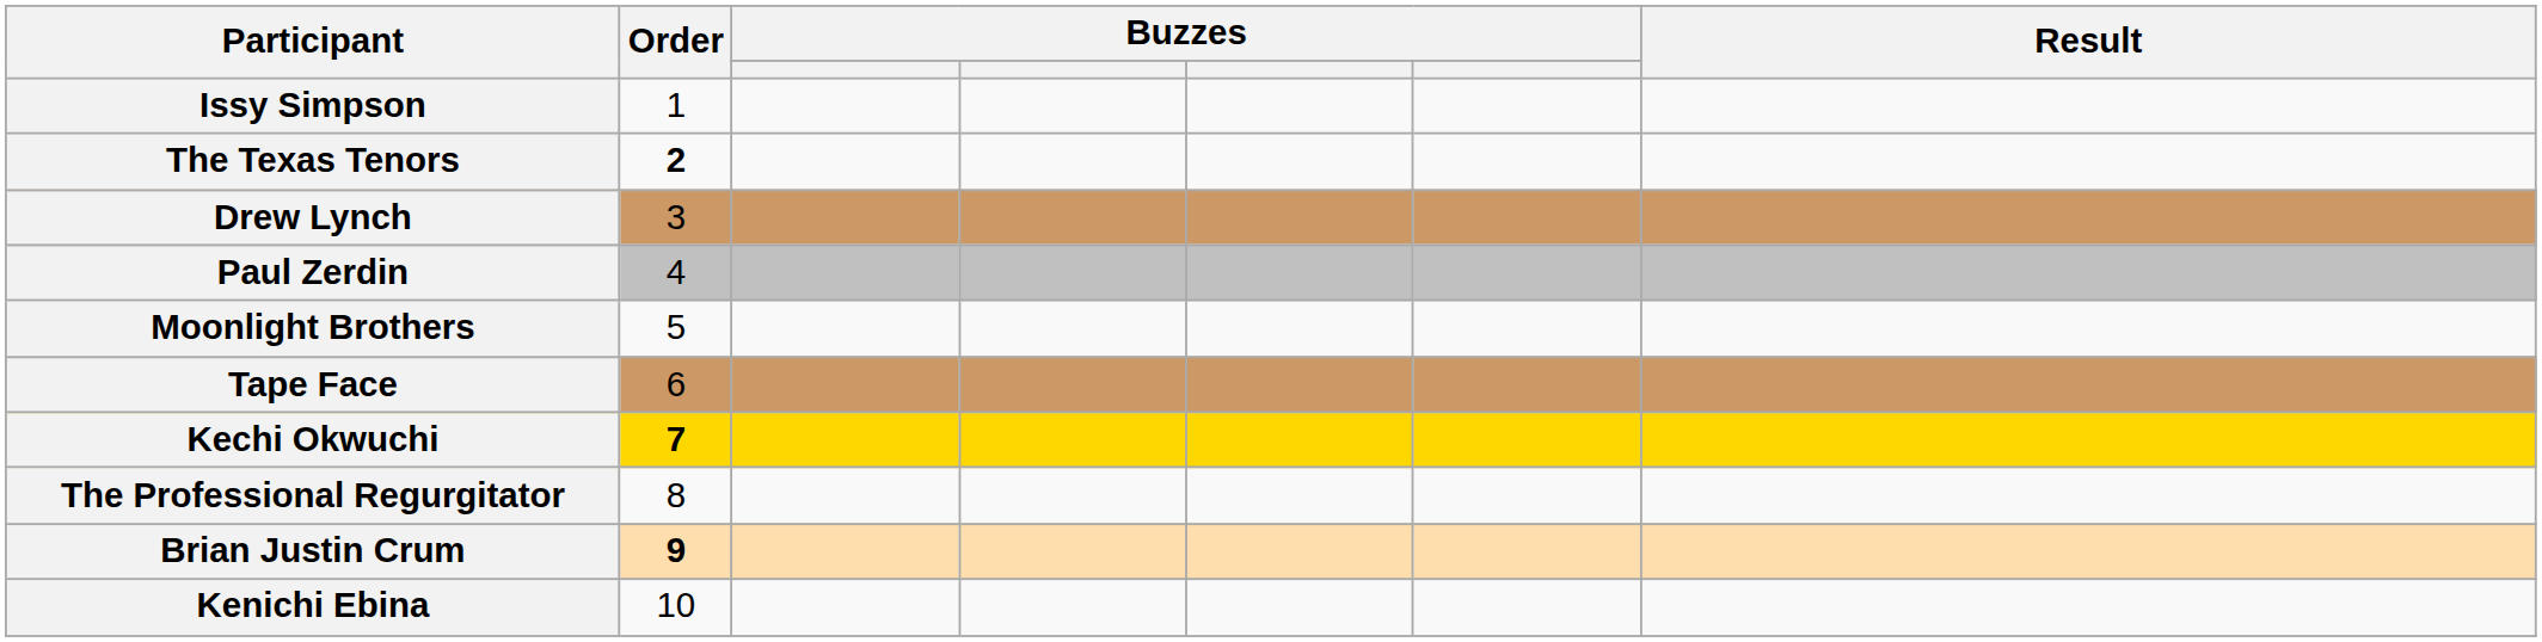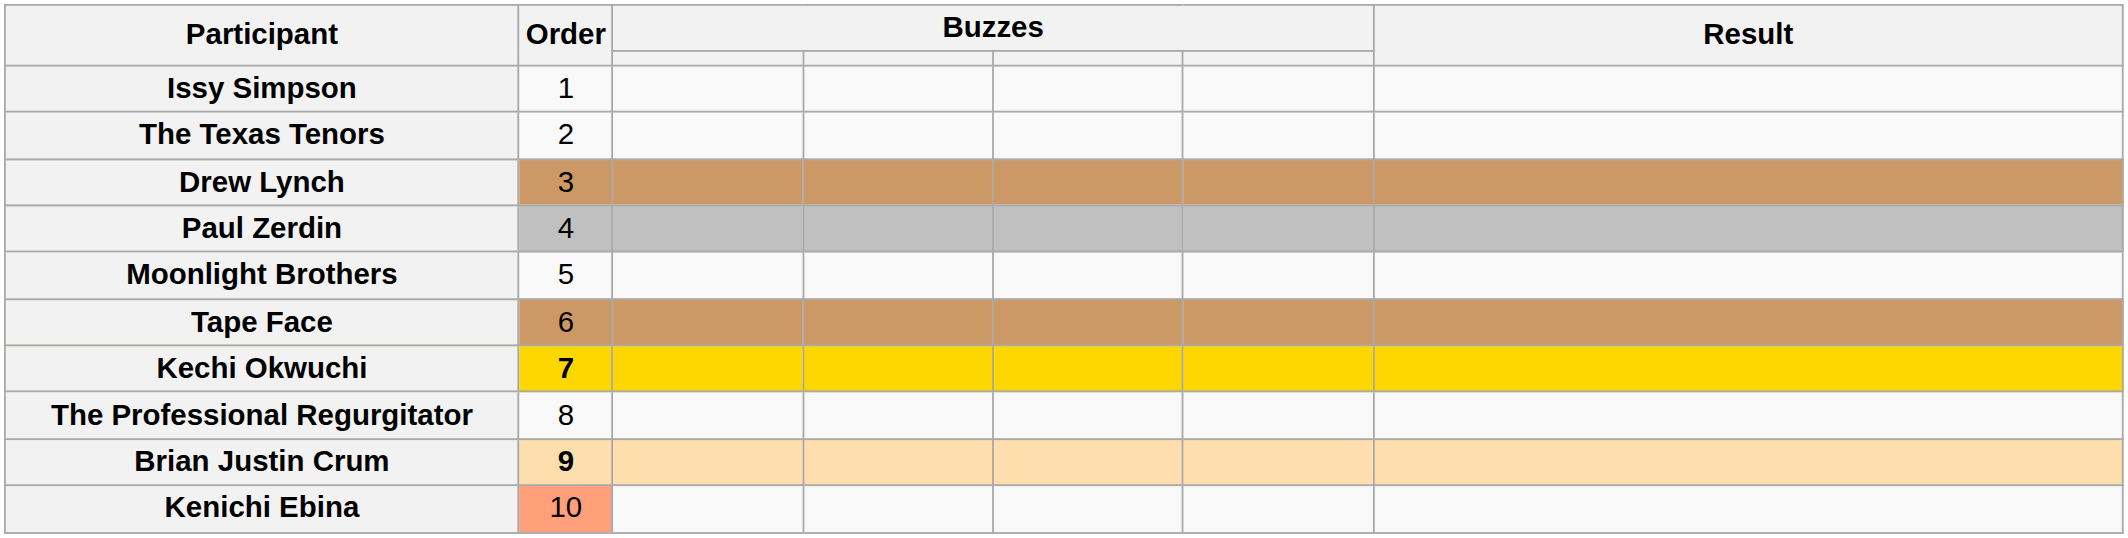 <table class="wikitable plainrowheaders sortable" style="text-align:center;">
 <tr>
 <th scope="col" rowspan="2" class="unsortable" style="width:17em;">Participant</th>
 <th scope="col" rowspan="2" style="width:1em;">Order</th>
 <th scope="col" colspan="4" class="unsortable" style="width:24em;">Buzzes</th>
 <th scope="col" rowspan="2" style="width:25em;">Result</th>
 </tr>
 <tr>
 <th scope="col" class="unsortable" style="width:6em;"></th>
 <th scope="col" class="unsortable" style="width:6em;"></th>
 <th scope="col" class="unsortable" style="width:6em;"></th>
 <th scope="col" class="unsortable" style="width:6em;"></th>
 </tr>
 <tr>
 <th scope="row">Issy Simpson</th>
 <td>1</td>
 <td style="text-align:center;"></td>
 <td style="text-align:center;"></td>
 <td style="text-align:center;"></td>
 <td style="text-align:center;"></td>
 <td></td>
 </tr>
 <tr>
 <th scope="row">The Texas Tenors</th>
-<td><strong>2</strong></td>
+<td>2</td>
 <td style="text-align:center;"></td>
 <td style="text-align:center;"></td>
 <td style="text-align:center;"></td>
 <td style="text-align:center;"></td>
 <td></td>
 </tr>
 <tr bgcolor=#c96>
 <th scope="row">Drew Lynch</th>
 <td>3</td>
 <td style="text-align:center;"></td>
 <td style="text-align:center;"></td>
 <td style="text-align:center;"></td>
 <td style="text-align:center;"></td>
 <td></td>
 </tr>
 <tr bgcolor=silver>
 <th scope="row">Paul Zerdin</th>
 <td>4</td>
 <td style="text-align:center;"></td>
 <td style="text-align:center;"></td>
 <td style="text-align:center;"></td>
 <td style="text-align:center;"></td>
 <td></td>
 </tr>
 <tr>
 <th scope="row">Moonlight Brothers</th>
 <td>5</td>
 <td style="text-align:center;"></td>
 <td style="text-align:center;"></td>
 <td style="text-align:center;"></td>
 <td style="text-align:center;"></td>
 <td></td>
 </tr>
 <tr bgcolor=#c96>
 <th scope="row">Tape Face</th>
 <td>6</td>
 <td style="text-align:center;"></td>
 <td style="text-align:center;"></td>
 <td style="text-align:center;"></td>
 <td style="text-align:center;"></td>
 <td></td>
 </tr>
 <tr bgcolor=gold>
 <th scope="row"><strong>Kechi Okwuchi</strong></th>
 <td><strong>7</strong></td>
 <td style="text-align:center;"></td>
 <td style="text-align:center;"></td>
 <td style="text-align:center;"></td>
 <td style="text-align:center;"></td>
 <td><strong></strong></td>
 </tr>
 <tr>
 <th scope="row">The Professional Regurgitator</th>
 <td>8</td>
 <td style="text-align:center;"></td>
 <td style="text-align:center;"></td>
 <td style="text-align:center;"></td>
 <td style="text-align:center;"></td>
 <td></td>
 </tr>
 <tr bgcolor=NavajoWhite>
 <th scope="row"><strong>Brian Justin Crum</strong></th>
 <td><strong>9</strong></td>
 <td style="text-align:center;"></td>
 <td style="text-align:center;"></td>
 <td style="text-align:center;"></td>
 <td style="text-align:center;"></td>
 <td><strong></strong></td>
 </tr>
 <tr>
 <th scope="row">Kenichi Ebina</th>
-<td>10</td>
+<td style="background: lightsalmon;">10</td>
 <td style="text-align:center;"></td>
 <td style="text-align:center;"></td>
 <td style="text-align:center;"></td>
 <td style="text-align:center;"></td>
 <td></td>
 </tr>
 </table>
